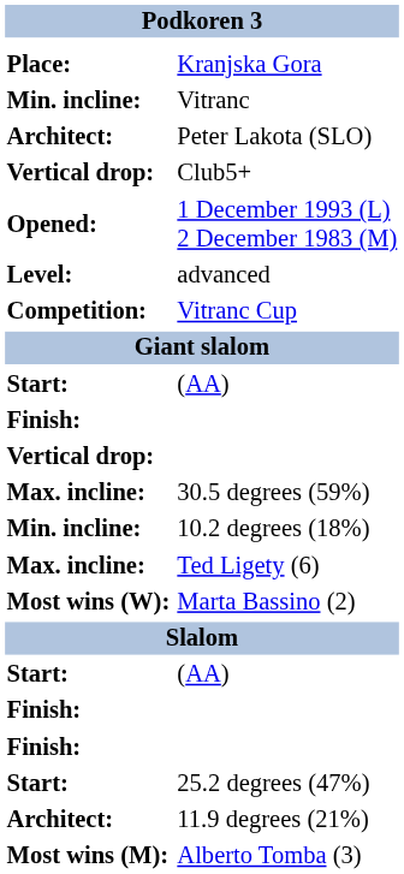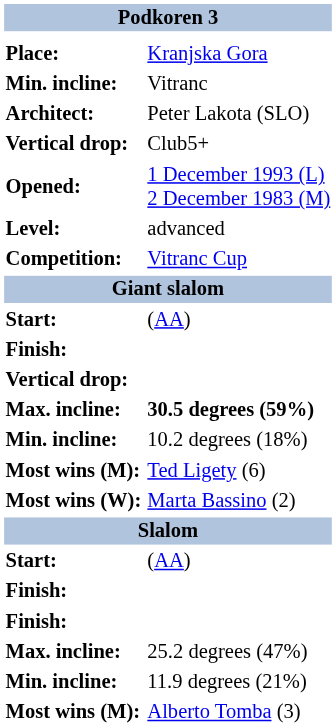 <table border=0 class="toccolours float-right" align="right" style="margin:0 0 0.5em 1em; font-size: 85%">
 <tr>
 <th bgcolor=#b0c4de colspan=2 align="center">Podkoren 3</th>
 </tr>
 <tr>
 <td align="center" colspan=2></td>
 </tr>
 <tr>
 <td><strong>Place:</strong></td>
 <td> <a href='#'>Kranjska Gora</a></td>
 </tr>
 <tr>
 <td><strong>Min. incline:</strong></td>
 <td>Vitranc</td>
 </tr>
 <tr>
 <td><strong>Architect:</strong></td>
 <td>Peter Lakota (SLO)</td>
 </tr>
 <tr>
 <td><strong>Vertical drop:</strong></td>
 <td>Club5+</td>
 </tr>
 <tr>
 <td><strong>Opened:</strong></td>
 <td><a href='#'>1 December 1993 (L)<br>2 December 1983 (M)</a></td>
 </tr>
 <tr>
 <td><strong>Level:</strong></td>
 <td> advanced</td>
 </tr>
 <tr>
 <td><strong>Competition:</strong></td>
 <td><a href='#'>Vitranc Cup</a></td>
 </tr>
 <tr>
 <th bgcolor=#b0c4de colspan=2 align="center">Giant slalom</th>
 </tr>
 <tr>
 <td><strong>Start:</strong></td>
 <td> (<a href='#'>AA</a>)</td>
 </tr>
 <tr>
 <td><strong>Finish:</strong></td>
 <td></td>
 </tr>
 <tr>
 <td><strong>Vertical drop:</strong></td>
 <td></td>
 </tr>
 <tr>
 <td><strong>Max. incline:</strong></td>
-<td>30.5 degrees (59%)</td>
+<td><strong>30.5 degrees (59%)</strong></td>
 </tr>
 <tr>
 <td><strong>Min. incline:</strong></td>
 <td>10.2 degrees (18%)</td>
 </tr>
 <tr>
-<td><strong>Max. incline:</strong></td>
+<td><strong>Most wins (M):</strong></td>
 <td> <a href='#'>Ted Ligety</a> (6)</td>
 </tr>
 <tr>
 <td><strong>Most wins (W):</strong></td>
 <td> <a href='#'>Marta Bassino</a> (2)</td>
 </tr>
 <tr>
 <th bgcolor=#b0c4de colspan=2 align="center">Slalom</th>
 </tr>
 <tr>
 <td><strong>Start:</strong></td>
 <td> (<a href='#'>AA</a>)</td>
 </tr>
 <tr>
 <td><strong>Finish:</strong></td>
 <td></td>
 </tr>
 <tr>
 <td><strong>Finish:</strong></td>
 <td></td>
 </tr>
 <tr>
-<td><strong>Start:</strong></td>
+<td><strong>Max. incline:</strong></td>
 <td>25.2 degrees (47%)</td>
 </tr>
 <tr>
-<td><strong>Architect:</strong></td>
+<td><strong>Min. incline:</strong></td>
 <td>11.9 degrees (21%)</td>
 </tr>
 <tr>
 <td><strong>Most wins (M):</strong></td>
 <td> <a href='#'>Alberto Tomba</a> (3)</td>
 </tr>
 </table>
